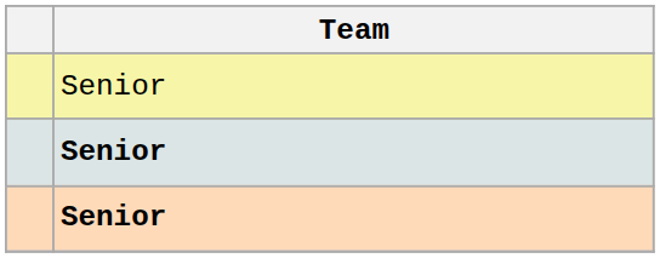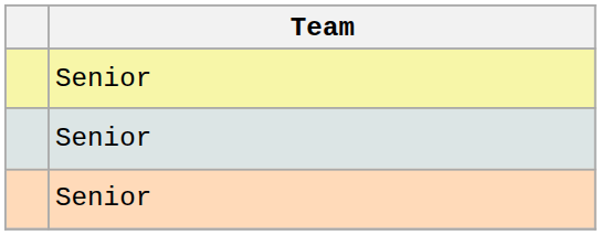 <table class="wikitable" style="text-align:center">
 <tr>
 <th width=15></th>
 <th width=260>Team</th>
 </tr>
 <tr style="background:#f7f6a8;">
 <td style="text-align:center; height:23px;"></td>
 <td align=left> Senior</td>
 </tr>
 <tr style="background:#dce5e5;">
 <td style="text-align:center; height:23px;"></td>
-<td align=left><strong> Senior</strong></td>
+<td align=left> Senior</td>
 </tr>
 <tr style="background:#ffdab9;">
 <td style="text-align:center; height:23px;"></td>
-<td align=left><strong> Senior</strong></td>
+<td align=left> Senior</td>
 </tr>
 <tr>
 </tr>
 </table>
